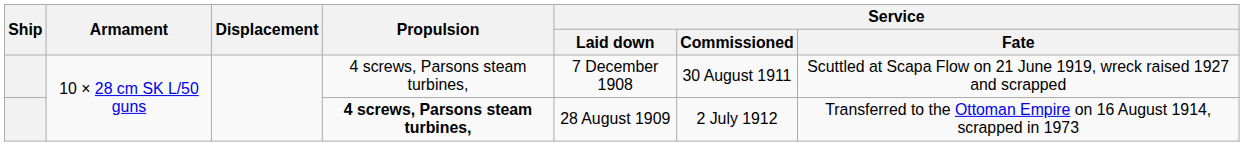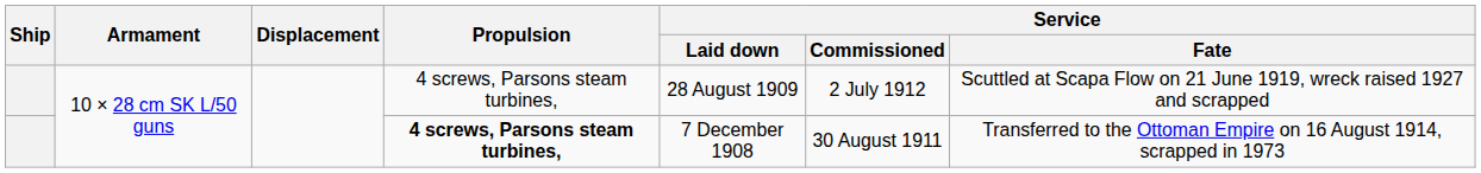 <table class="wikitable plainrowheaders" style="text-align: center">
 <tr valign="center">
 <th scope="col" rowspan="2">Ship</th>
 <th scope="col" rowspan="2">Armament</th>
 <th scope="col" rowspan="2">Displacement</th>
 <th scope="col" rowspan="2">Propulsion</th>
 <th scope="col" colspan="3">Service</th>
 </tr>
 <tr valign="center">
 <th scope="col">Laid down</th>
 <th scope="col">Commissioned</th>
 <th scope="col">Fate</th>
 </tr>
 <tr valign="center">
 <th scope="row"></th>
 <td rowspan="2">10 × <a href='#'>28 cm SK L/50 guns</a></td>
 <td rowspan="2"></td>
 <td>4 screws, Parsons steam turbines, </td>
-<td>7 December 1908</td>
-<td>30 August 1911</td>
+<td>28 August 1909</td>
+<td>2 July 1912</td>
 <td>Scuttled at Scapa Flow on 21 June 1919, wreck raised 1927 and scrapped</td>
 </tr>
 <tr valign="center">
 <th scope="row"></th>
 <td><strong>4 screws, Parsons steam turbines, </strong></td>
-<td>28 August 1909</td>
-<td>2 July 1912</td>
+<td>7 December 1908</td>
+<td>30 August 1911</td>
 <td>Transferred to the <a href='#'>Ottoman Empire</a> on 16 August 1914, scrapped in 1973</td>
 </tr>
 </table>
